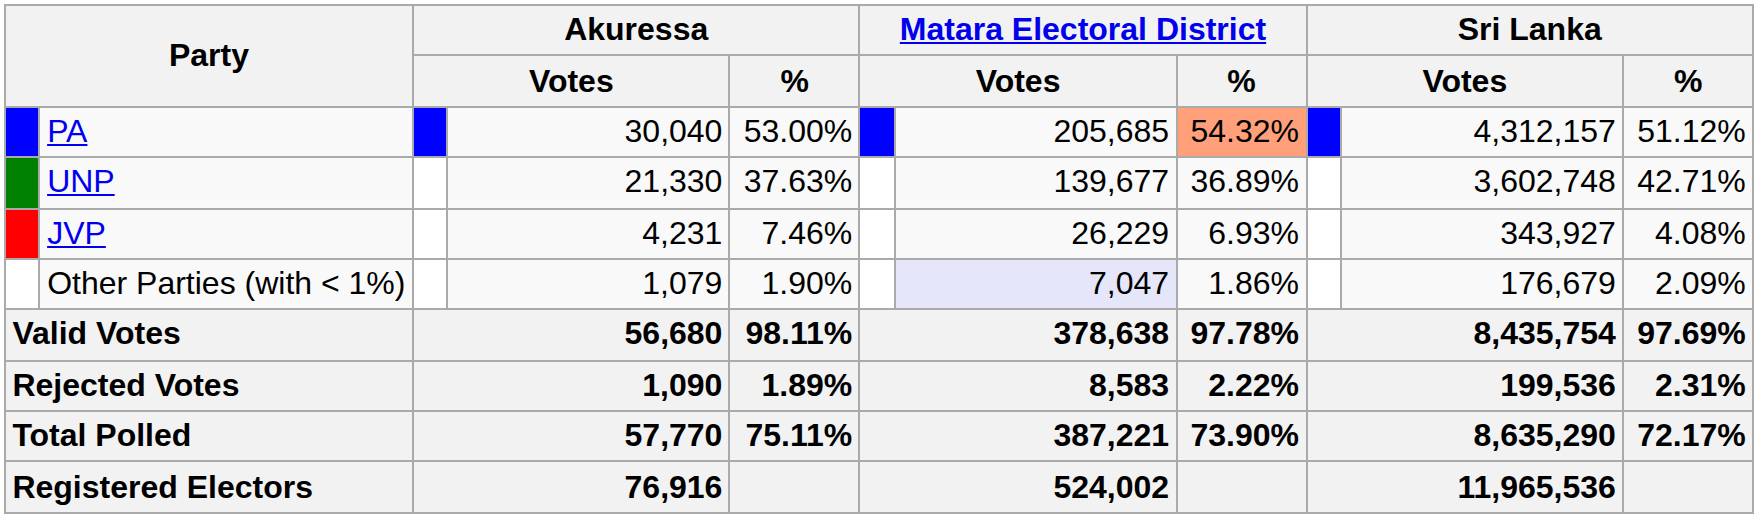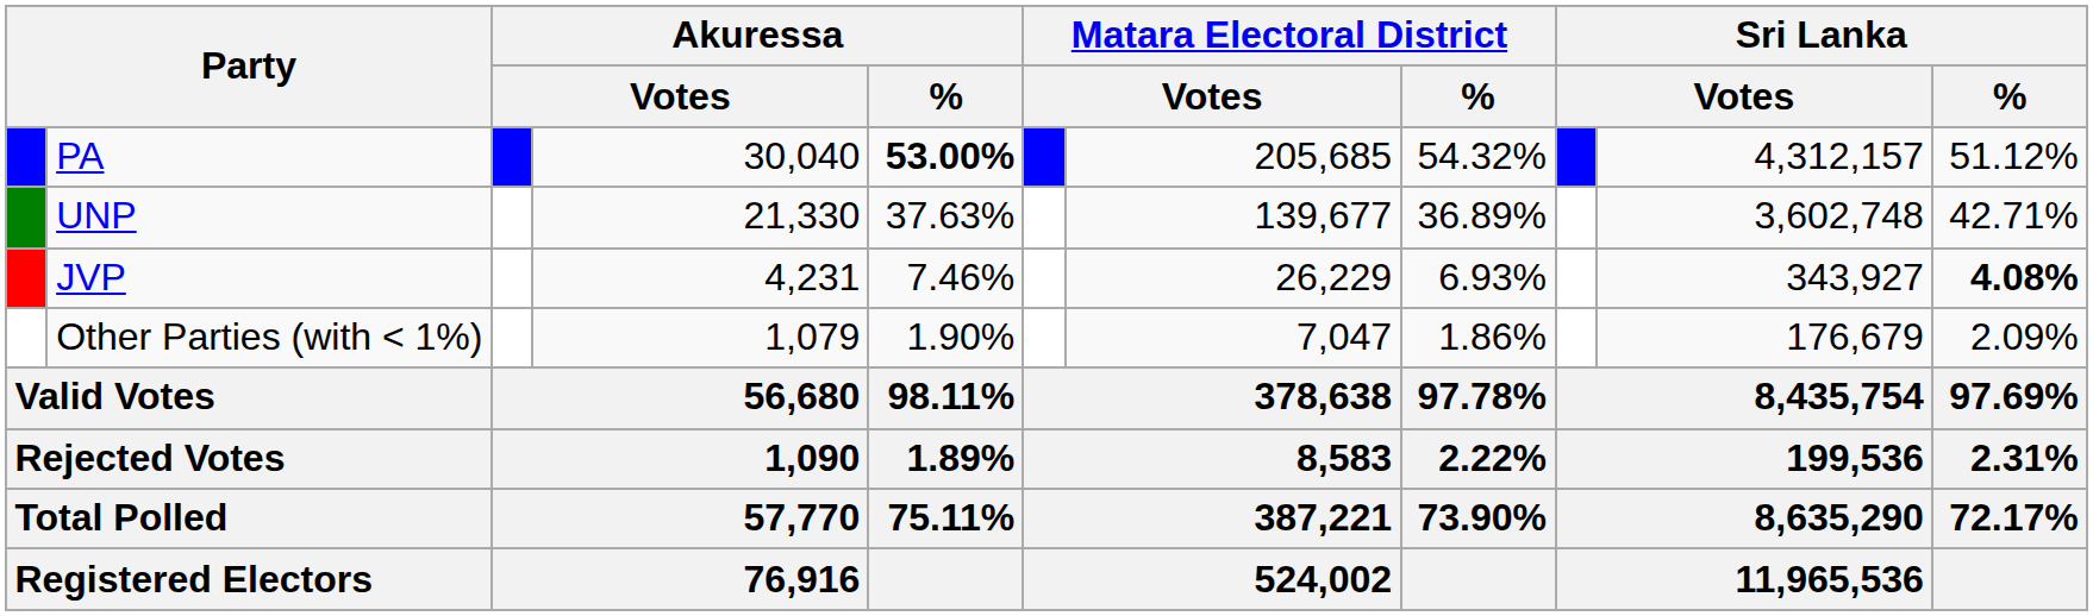 <table class="wikitable">
 <tr>
 <th colspan="2" width="144px"rowspan="2">Party</th>
 <th colspan="3" width="216px">Akuressa</th>
 <th colspan="3" width="216px"><a href='#'>Matara Electoral District</a></th>
 <th colspan="3" width="216px">Sri Lanka</th>
 </tr>
 <tr>
 <th colspan="2" width="144px">Votes</th>
 <th>%</th>
 <th colspan="2" width="144px">Votes</th>
 <th>%</th>
 <th colspan="2" width="144px">Votes</th>
 <th>%</th>
 </tr>
 <tr>
 <td style="background-color:blue;" width="10px"></td>
 <td style="text-align:left;"><a href='#'>PA</a></td>
 <td style="background-color:blue;" width="10px"></td>
 <td style="text-align:right;">30,040</td>
-<td style="text-align:right;">53.00%</td>
+<td style="text-align:right;"><strong>53.00%</strong></td>
 <td style="background-color:blue;" width="10px"></td>
 <td style="text-align:right;">205,685</td>
-<td style="background: lightsalmon; text-align:right;">54.32%</td>
+<td style="text-align:right;">54.32%</td>
 <td style="background-color:blue;" width="10px"></td>
 <td style="text-align:right;">4,312,157</td>
 <td style="text-align:right;">51.12%</td>
 </tr>
 <tr>
 <td style="background-color:green;" width="10px"></td>
 <td style="text-align:left;"><a href='#'>UNP</a></td>
 <td style="background-color:white;" width="10px"></td>
 <td style="text-align:right;">21,330</td>
 <td style="text-align:right;">37.63%</td>
 <td style="background-color:white;" width="10px"></td>
 <td style="text-align:right;">139,677</td>
 <td style="text-align:right;">36.89%</td>
 <td style="background-color:white;" width="10px"></td>
 <td style="text-align:right;">3,602,748</td>
 <td style="text-align:right;">42.71%</td>
 </tr>
 <tr>
 <td style="background-color:red;" width="10px"></td>
 <td style="text-align:left;"><a href='#'>JVP</a></td>
 <td style="background-color:white;" width="10px"></td>
 <td style="text-align:right;">4,231</td>
 <td style="text-align:right;">7.46%</td>
 <td style="background-color:white;" width="10px"></td>
 <td style="text-align:right;">26,229</td>
 <td style="text-align:right;">6.93%</td>
 <td style="background-color:white;" width="10px"></td>
 <td style="text-align:right;">343,927</td>
-<td style="text-align:right;">4.08%</td>
+<td style="text-align:right;"><strong>4.08%</strong></td>
 </tr>
 <tr>
 <td style="background-color:white;" width="10px"></td>
 <td style="text-align:left;">Other Parties (with < 1%)</td>
 <td style="background-color:white;" width="10px"></td>
 <td style="text-align:right;">1,079</td>
 <td style="text-align:right;">1.90%</td>
 <td style="background-color:white;" width="10px"></td>
-<td style="background: lavender; text-align:right;">7,047</td>
+<td style="text-align:right;">7,047</td>
 <td style="text-align:right;">1.86%</td>
 <td style="background-color:white;" width="10px"></td>
 <td style="text-align:right;">176,679</td>
 <td style="text-align:right;">2.09%</td>
 </tr>
 <tr>
 <th colspan="2" width="144px"style="text-align:left;">Valid Votes</th>
 <th style="text-align:right;"colspan="2" width="144px">56,680</th>
 <th style="text-align:right;">98.11%</th>
 <th style="text-align:right;"colspan="2" width="144px">378,638</th>
 <th style="text-align:right;">97.78%</th>
 <th style="text-align:right;"colspan="2" width="144px">8,435,754</th>
 <th style="text-align:right;">97.69%</th>
 </tr>
 <tr>
 <th colspan="2" width="144px"style="text-align:left;">Rejected Votes</th>
 <th style="text-align:right;"colspan="2" width="144px">1,090</th>
 <th style="text-align:right;">1.89%</th>
 <th style="text-align:right;"colspan="2" width="144px">8,583</th>
 <th style="text-align:right;">2.22%</th>
 <th style="text-align:right;"colspan="2" width="144px">199,536</th>
 <th style="text-align:right;">2.31%</th>
 </tr>
 <tr>
 <th colspan="2" width="144px"style="text-align:left;">Total Polled</th>
 <th style="text-align:right;"colspan="2" width="144px">57,770</th>
 <th style="text-align:right;">75.11%</th>
 <th style="text-align:right;"colspan="2" width="144px">387,221</th>
 <th style="text-align:right;">73.90%</th>
 <th style="text-align:right;"colspan="2" width="144px">8,635,290</th>
 <th style="text-align:right;">72.17%</th>
 </tr>
 <tr>
 <th colspan="2" width="144px"style="text-align:left;">Registered Electors</th>
 <th style="text-align:right;"colspan="2" width="144px">76,916</th>
 <th></th>
 <th style="text-align:right;"colspan="2" width="144px">524,002</th>
 <th></th>
 <th style="text-align:right;"colspan="2" width="144px">11,965,536</th>
 <th></th>
 </tr>
 </table>
